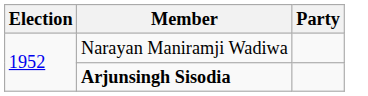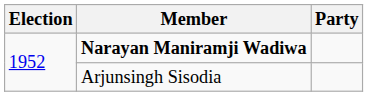 <table class="wikitable sortable">
 <tr>
 <th>Election</th>
 <th>Member</th>
 <th colspan="2">Party</th>
 </tr>
 <tr>
 <td rowspan=2><a href='#'>1952</a></td>
-<td>Narayan Maniramji Wadiwa</td>
+<td><strong>Narayan Maniramji Wadiwa</strong></td>
 <td></td>
 </tr>
 <tr>
-<td><strong>Arjunsingh Sisodia</strong></td>
+<td>Arjunsingh Sisodia</td>
 </tr>
 </table>
